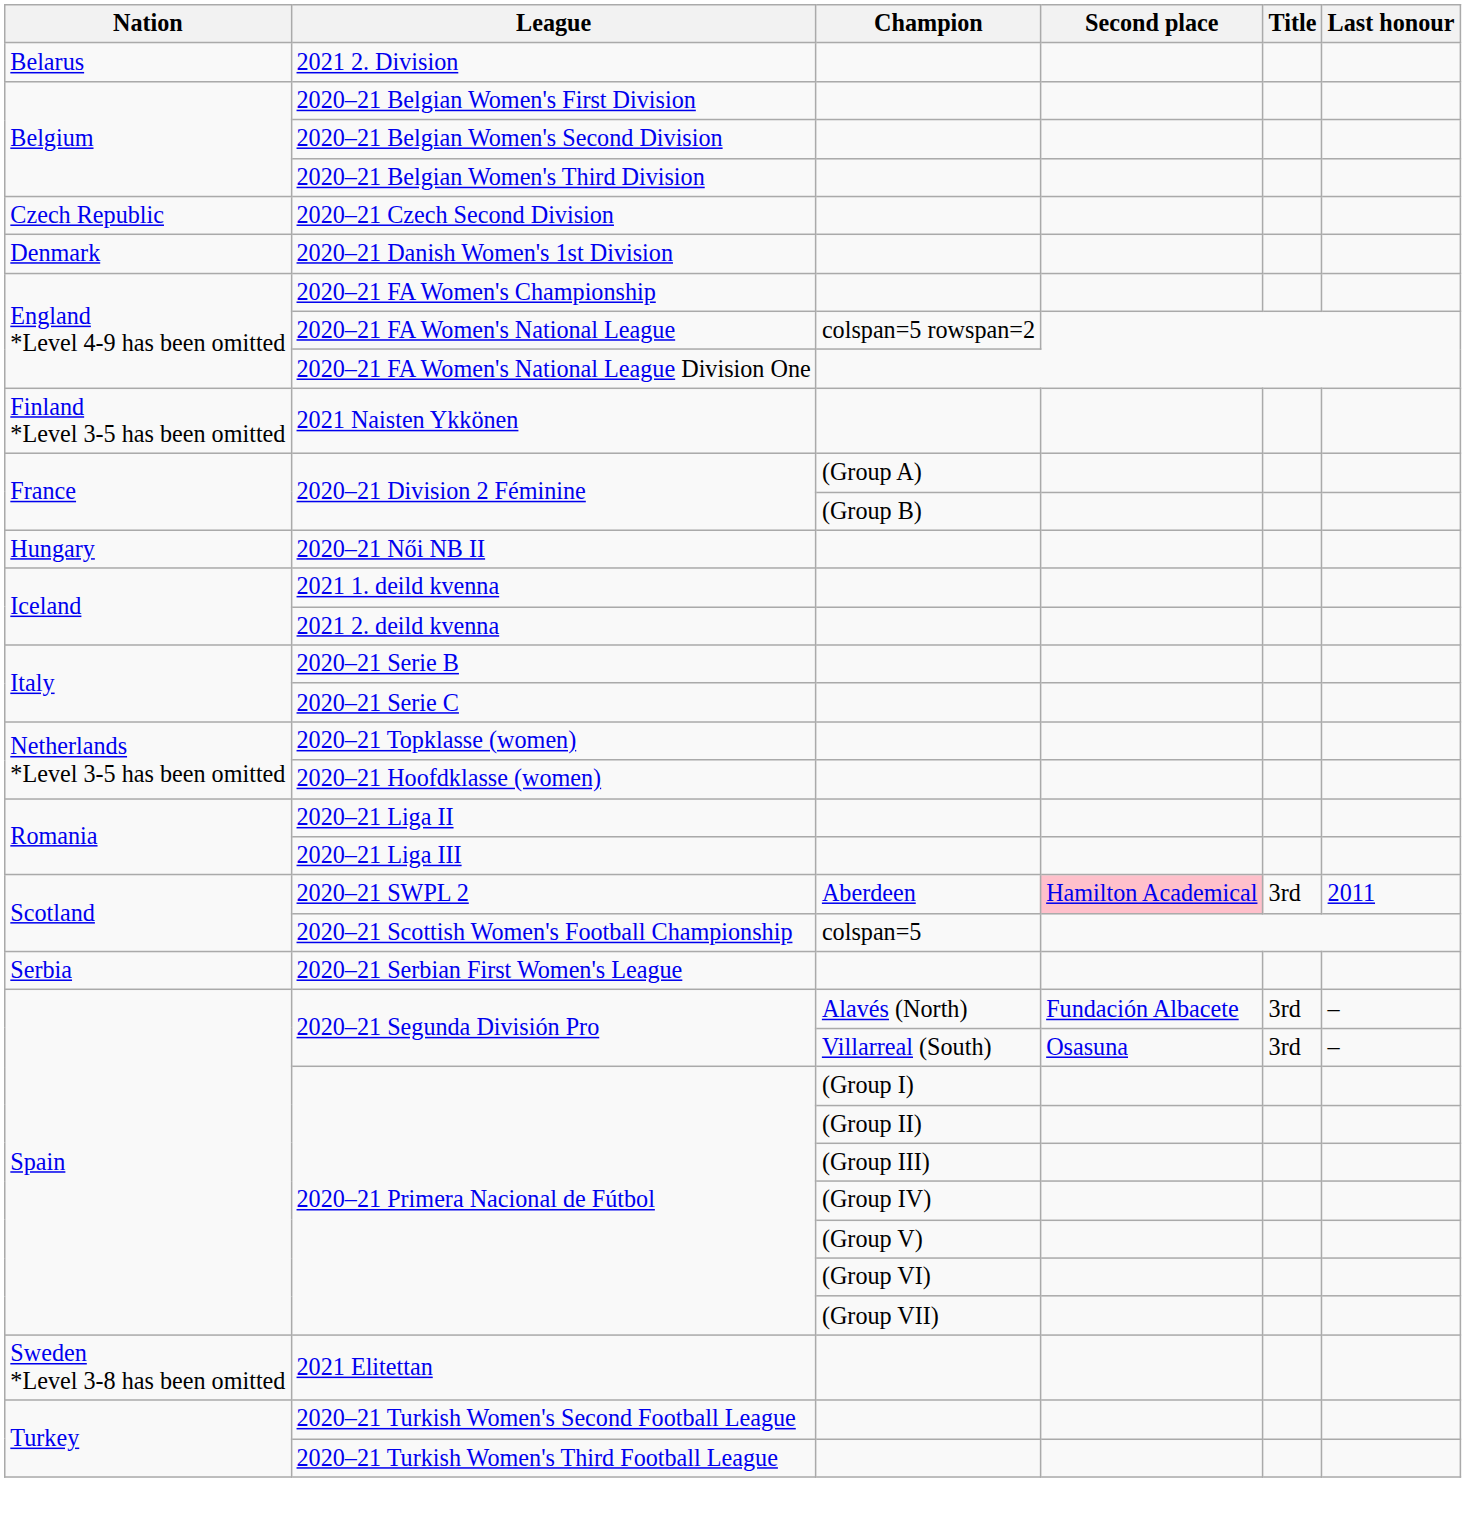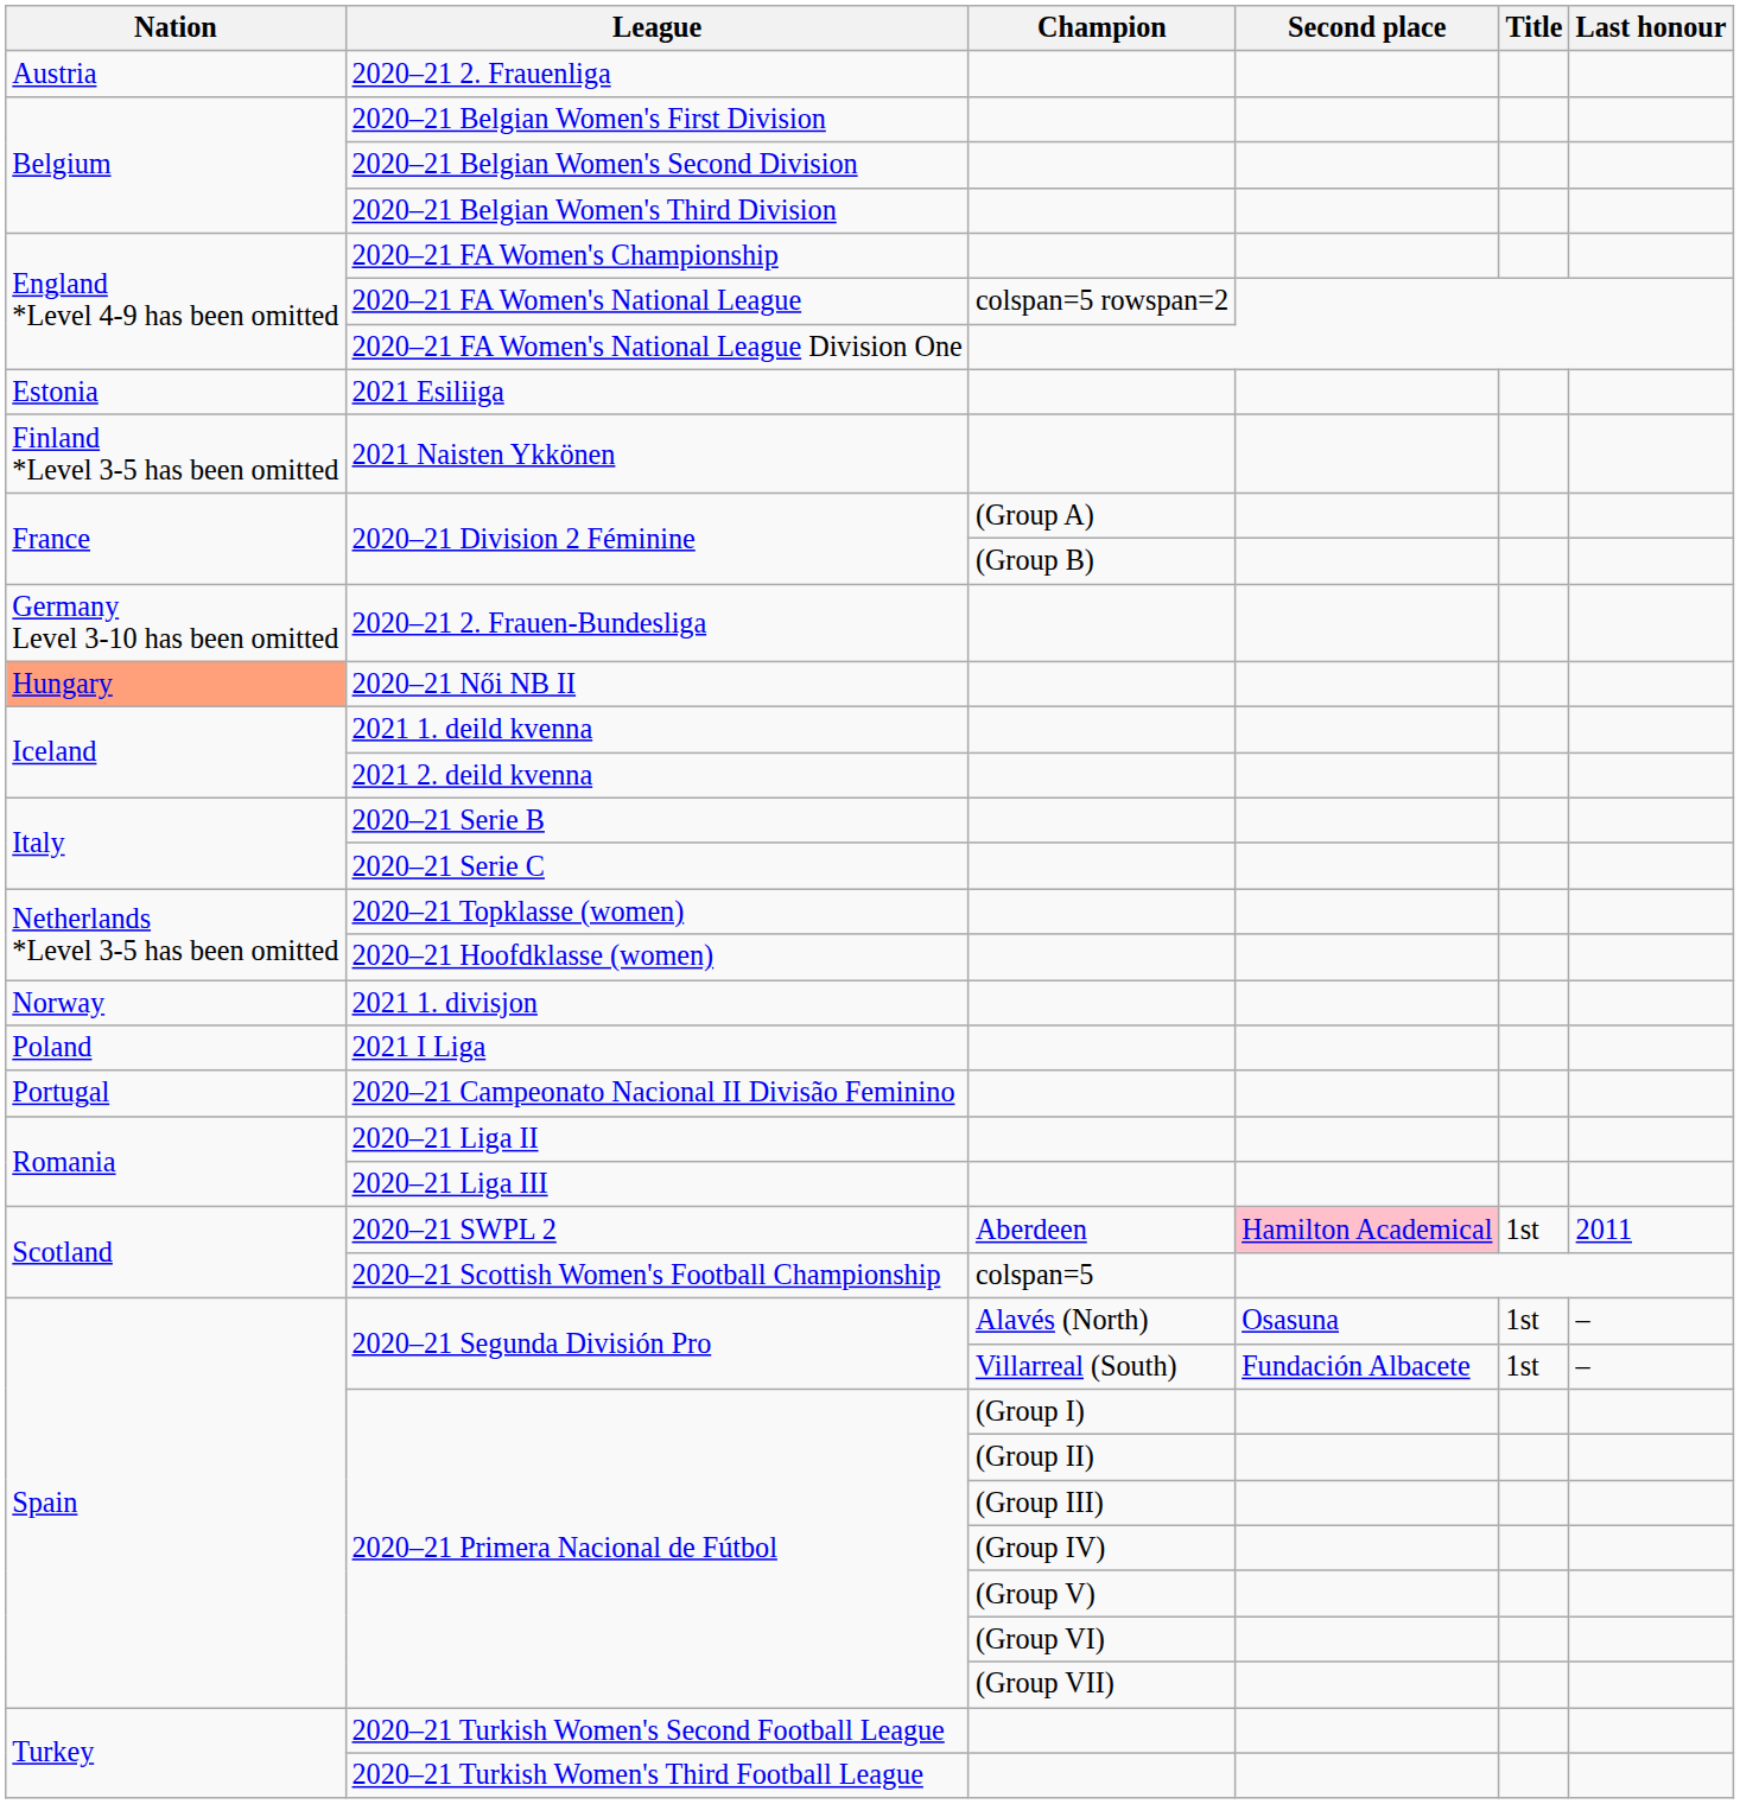 <table class="wikitable">
 <tr>
 <th>Nation</th>
 <th>League</th>
 <th>Champion</th>
 <th>Second place</th>
 <th data-sort-type="number">Title</th>
 <th>Last honour</th>
 </tr>
 <tr>
-<td> <a href='#'>Belarus</a></td>
-<td><a href='#'>2021 2. Division</a></td>
+<td> <a href='#'>Austria</a></td>
+<td><a href='#'>2020–21 2. Frauenliga</a></td>
 <td></td>
 <td></td>
 <td></td>
 <td></td>
 </tr>
 <tr>
 <td rowspan=3> <a href='#'>Belgium</a></td>
 <td><a href='#'>2020–21 Belgian Women's First Division</a></td>
 <td></td>
 <td></td>
 <td></td>
 <td></td>
 </tr>
 <tr>
 <td><a href='#'>2020–21 Belgian Women's Second Division</a></td>
 <td></td>
 <td></td>
 <td></td>
 <td></td>
 </tr>
 <tr>
 <td><a href='#'>2020–21 Belgian Women's Third Division</a></td>
 <td></td>
 <td></td>
 <td></td>
 <td></td>
 </tr>
 <tr>
-<td> <a href='#'>Czech Republic</a></td>
-<td><a href='#'>2020–21 Czech Second Division</a></td>
-<td></td>
-<td></td>
-<td></td>
-<td></td>
-</tr>
-<tr>
-<td> <a href='#'>Denmark</a></td>
-<td><a href='#'>2020–21 Danish Women's 1st Division</a></td>
-<td></td>
-<td></td>
-<td></td>
-<td></td>
-</tr>
-<tr>
 <td rowspan=3> <a href='#'>England</a> <br>*Level 4-9 has been omitted</td>
 <td><a href='#'>2020–21 FA Women's Championship</a></td>
 <td></td>
 <td></td>
 <td></td>
 <td></td>
 </tr>
 <tr>
 <td><a href='#'>2020–21 FA Women's National League</a></td>
 <td>colspan=5 rowspan=2 </td>
 </tr>
 <tr>
 <td><a href='#'>2020–21 FA Women's National League</a> Division One</td>
+</tr>
+<tr>
+<td> <a href='#'>Estonia</a></td>
+<td><a href='#'>2021 Esiliiga</a></td>
+<td></td>
+<td></td>
+<td></td>
+<td></td>
 </tr>
 <tr>
 <td> <a href='#'>Finland</a> <br>*Level 3-5 has been omitted</td>
 <td><a href='#'>2021 Naisten Ykkönen</a></td>
 <td></td>
 <td></td>
 <td></td>
 <td></td>
 </tr>
 <tr>
 <td rowspan=2> <a href='#'>France</a></td>
 <td rowspan=2><a href='#'>2020–21 Division 2 Féminine</a></td>
 <td>(Group A)</td>
 <td></td>
 <td></td>
 <td></td>
 </tr>
 <tr>
 <td>(Group B)</td>
 <td></td>
 <td></td>
 <td></td>
 </tr>
 <tr>
-<td> <a href='#'>Hungary</a></td>
+<td> <a href='#'>Germany</a> <br>Level 3-10 has been omitted</td>
+<td><a href='#'>2020–21 2. Frauen-Bundesliga</a></td>
+<td></td>
+<td></td>
+<td></td>
+<td></td>
+</tr>
+<tr>
+<td style="background: lightsalmon;"> <a href='#'>Hungary</a></td>
 <td><a href='#'>2020–21 Női NB II</a></td>
 <td></td>
 <td></td>
 <td></td>
 <td></td>
 </tr>
 <tr>
 <td rowspan=2> <a href='#'>Iceland</a></td>
 <td><a href='#'>2021 1. deild kvenna</a></td>
 <td></td>
 <td></td>
 <td></td>
 <td></td>
 </tr>
 <tr>
 <td><a href='#'>2021 2. deild kvenna</a></td>
 <td></td>
 <td></td>
 <td></td>
 <td></td>
 </tr>
 <tr>
 <td rowspan=2> <a href='#'>Italy</a></td>
 <td><a href='#'>2020–21 Serie B</a></td>
 <td></td>
 <td></td>
 <td></td>
 <td></td>
 </tr>
 <tr>
 <td><a href='#'>2020–21 Serie C</a></td>
 <td></td>
 <td></td>
 <td></td>
 <td></td>
 </tr>
 <tr>
 <td rowspan=2> <a href='#'>Netherlands</a> <br>*Level 3-5 has been omitted</td>
 <td><a href='#'>2020–21 Topklasse (women)</a></td>
 <td></td>
 <td></td>
 <td></td>
 <td></td>
 </tr>
 <tr>
 <td><a href='#'>2020–21 Hoofdklasse (women)</a></td>
 <td></td>
 <td></td>
 <td></td>
 <td></td>
 </tr>
 <tr>
+<td> <a href='#'>Norway</a></td>
+<td><a href='#'>2021 1. divisjon</a></td>
+<td></td>
+<td></td>
+<td></td>
+<td></td>
+</tr>
+<tr>
+<td> <a href='#'>Poland</a></td>
+<td><a href='#'>2021 I Liga</a></td>
+<td></td>
+<td></td>
+<td></td>
+<td></td>
+</tr>
+<tr>
+<td> <a href='#'>Portugal</a></td>
+<td><a href='#'>2020–21 Campeonato Nacional II Divisão Feminino</a></td>
+<td></td>
+<td></td>
+<td></td>
+<td></td>
+</tr>
+<tr>
 <td rowspan=2> <a href='#'>Romania</a></td>
 <td><a href='#'>2020–21 Liga II</a></td>
 <td></td>
 <td></td>
 <td></td>
 <td></td>
 </tr>
 <tr>
 <td><a href='#'>2020–21 Liga III</a></td>
 <td></td>
 <td></td>
 <td></td>
 <td></td>
 </tr>
 <tr>
 <td rowspan=2> <a href='#'>Scotland</a></td>
 <td><a href='#'>2020–21 SWPL 2</a></td>
 <td><a href='#'>Aberdeen</a></td>
 <td style="background: pink;"><a href='#'>Hamilton Academical</a></td>
-<td>3rd</td>
+<td>1st</td>
 <td><a href='#'>2011</a></td>
 </tr>
 <tr>
 <td><a href='#'>2020–21 Scottish Women's Football Championship</a></td>
 <td>colspan=5 </td>
 </tr>
 <tr>
-<td> <a href='#'>Serbia</a></td>
-<td><a href='#'>2020–21 Serbian First Women's League</a></td>
-<td></td>
-<td></td>
-<td></td>
-<td></td>
-</tr>
-<tr>
 <td rowspan=9> <a href='#'>Spain</a></td>
 <td rowspan=2><a href='#'>2020–21 Segunda División Pro</a></td>
 <td><a href='#'>Alavés</a> (North)</td>
-<td><a href='#'>Fundación Albacete</a></td>
-<td>3rd</td>
+<td><a href='#'>Osasuna</a></td>
+<td>1st</td>
 <td>–</td>
 </tr>
 <tr>
 <td><a href='#'>Villarreal</a> (South)</td>
-<td><a href='#'>Osasuna</a></td>
-<td>3rd</td>
+<td><a href='#'>Fundación Albacete</a></td>
+<td>1st</td>
 <td>–</td>
 </tr>
 <tr>
 <td rowspan=7><a href='#'>2020–21 Primera Nacional de Fútbol</a></td>
 <td>(Group I)</td>
 <td></td>
 <td></td>
 <td></td>
 </tr>
 <tr>
 <td>(Group II)</td>
 <td></td>
 <td></td>
 <td></td>
 </tr>
 <tr>
 <td>(Group III)</td>
 <td></td>
 <td></td>
 <td></td>
 </tr>
 <tr>
 <td>(Group IV)</td>
 <td></td>
 <td></td>
 <td></td>
 </tr>
 <tr>
 <td>(Group V)</td>
 <td></td>
 <td></td>
 <td></td>
 </tr>
 <tr>
 <td>(Group VI)</td>
 <td></td>
 <td></td>
 <td></td>
 </tr>
 <tr>
 <td>(Group VII)</td>
 <td></td>
 <td></td>
 <td></td>
 </tr>
 <tr>
-<td> <a href='#'>Sweden</a> <br>*Level 3-8 has been omitted</td>
-<td><a href='#'>2021 Elitettan</a></td>
-<td></td>
-<td></td>
-<td></td>
-<td></td>
-</tr>
-<tr>
 <td rowspan=2> <a href='#'>Turkey</a></td>
 <td><a href='#'>2020–21 Turkish Women's Second Football League</a></td>
 <td></td>
 <td></td>
 <td></td>
 <td></td>
 </tr>
 <tr>
 <td><a href='#'>2020–21 Turkish Women's Third Football League</a></td>
 <td></td>
 <td></td>
 <td></td>
 <td></td>
 </tr>
 </table>
